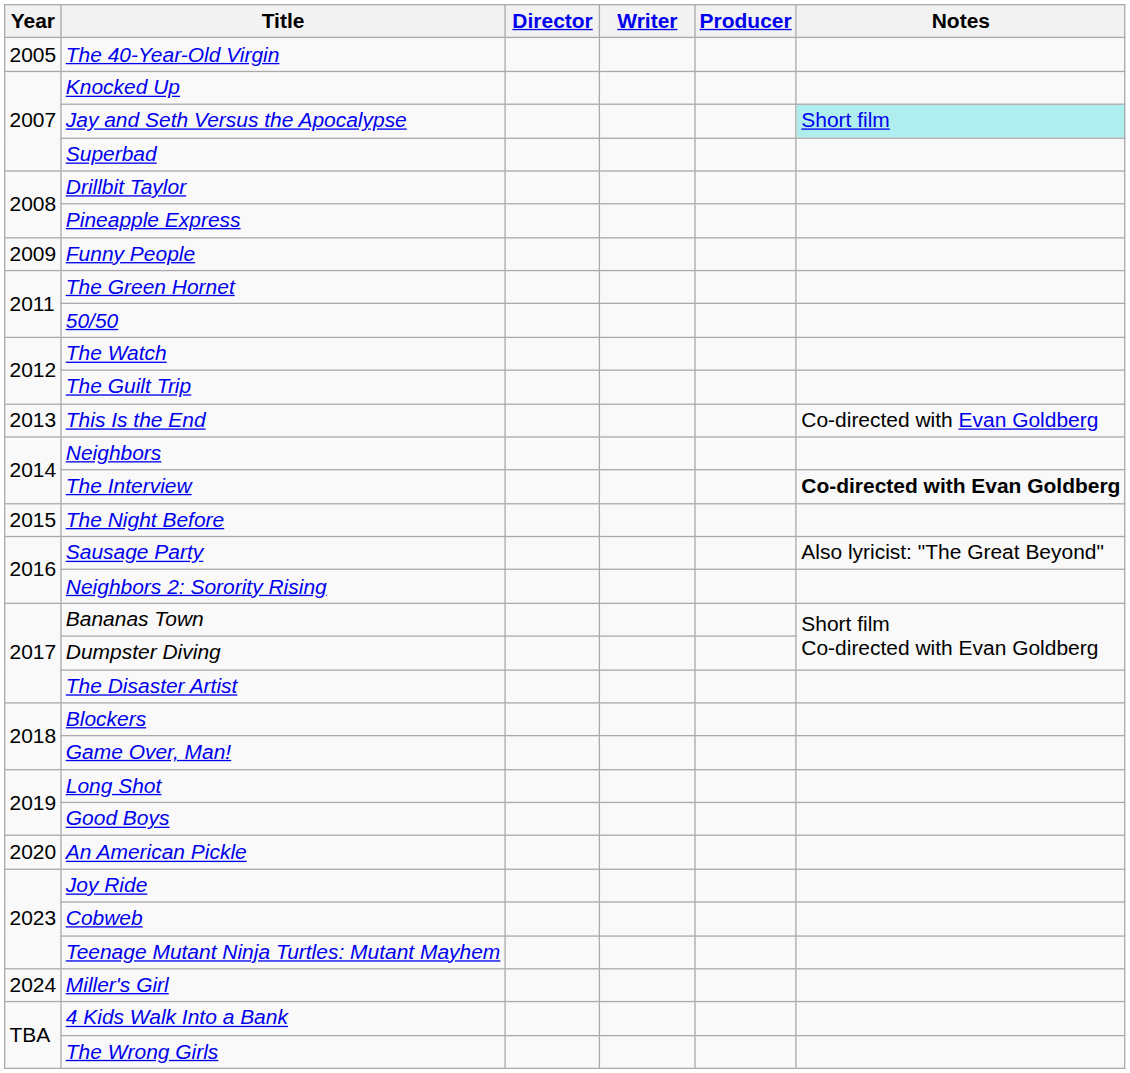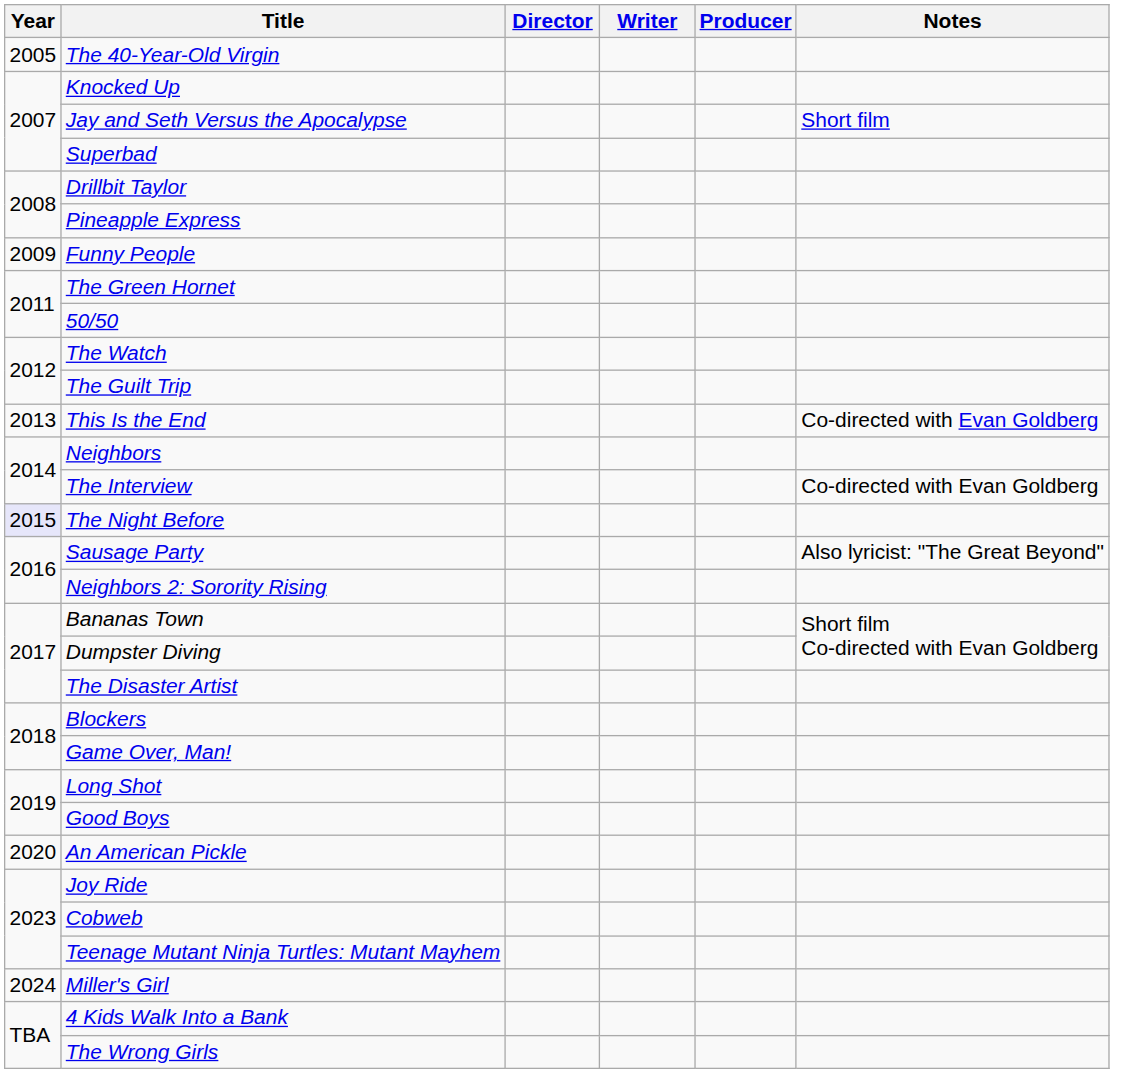 <table class="wikitable sortable">
 <tr>
 <th>Year</th>
 <th>Title</th>
 <th width="65"><a href='#'>Director</a></th>
 <th width="65"><a href='#'>Writer</a></th>
 <th width="65"><a href='#'>Producer</a></th>
 <th>Notes</th>
 </tr>
 <tr>
 <td>2005</td>
 <td data-sort-value="40-Year-Old Virgin, The"><em><a href='#'>The 40-Year-Old Virgin</a></em></td>
 <td></td>
 <td></td>
 <td></td>
 <td></td>
 </tr>
 <tr>
 <td rowspan=3>2007</td>
 <td><em><a href='#'>Knocked Up</a></em></td>
 <td></td>
 <td></td>
 <td></td>
 <td></td>
 </tr>
 <tr>
 <td><em><a href='#'>Jay and Seth Versus the Apocalypse</a></em></td>
 <td></td>
 <td></td>
 <td></td>
-<td style="background: paleturquoise;"><a href='#'>Short film</a></td>
+<td><a href='#'>Short film</a></td>
 </tr>
 <tr>
 <td><em><a href='#'>Superbad</a></em></td>
 <td></td>
 <td></td>
 <td></td>
 <td></td>
 </tr>
 <tr>
 <td rowspan=2>2008</td>
 <td><em><a href='#'>Drillbit Taylor</a></em></td>
 <td></td>
 <td></td>
 <td></td>
 <td></td>
 </tr>
 <tr>
 <td><em><a href='#'>Pineapple Express</a></em></td>
 <td></td>
 <td></td>
 <td></td>
 <td></td>
 </tr>
 <tr>
 <td>2009</td>
 <td><em><a href='#'>Funny People</a></em></td>
 <td></td>
 <td></td>
 <td></td>
 <td></td>
 </tr>
 <tr>
 <td rowspan=2>2011</td>
 <td data-sort-value="Green Hornet, The"><em><a href='#'>The Green Hornet</a></em></td>
 <td></td>
 <td></td>
 <td></td>
 <td></td>
 </tr>
 <tr>
 <td><em><a href='#'>50/50</a></em></td>
 <td></td>
 <td></td>
 <td></td>
 <td></td>
 </tr>
 <tr>
 <td rowspan=2>2012</td>
 <td data-sort-value="Watch, The"><em><a href='#'>The Watch</a></em></td>
 <td></td>
 <td></td>
 <td></td>
 <td></td>
 </tr>
 <tr>
 <td data-sort-value="Guilt Trip, The"><em><a href='#'>The Guilt Trip</a></em></td>
 <td></td>
 <td></td>
 <td></td>
 <td></td>
 </tr>
 <tr>
 <td>2013</td>
 <td><em><a href='#'>This Is the End</a></em></td>
 <td></td>
 <td></td>
 <td></td>
 <td>Co-directed with <a href='#'>Evan Goldberg</a></td>
 </tr>
 <tr>
 <td rowspan=2>2014</td>
 <td><em><a href='#'>Neighbors</a></em></td>
 <td></td>
 <td></td>
 <td></td>
 <td></td>
 </tr>
 <tr>
 <td data-sort-value="Interview, The"><em><a href='#'>The Interview</a></em></td>
 <td></td>
 <td></td>
 <td></td>
-<td><strong>Co-directed with Evan Goldberg</strong></td>
+<td>Co-directed with Evan Goldberg</td>
 </tr>
 <tr>
-<td>2015</td>
+<td style="background: lavender;">2015</td>
 <td data-sort-value="Night Before, The"><em><a href='#'>The Night Before</a></em></td>
 <td></td>
 <td></td>
 <td></td>
 <td></td>
 </tr>
 <tr>
 <td rowspan=2>2016</td>
 <td><em><a href='#'>Sausage Party</a></em></td>
 <td></td>
 <td></td>
 <td></td>
 <td>Also lyricist: "The Great Beyond"</td>
 </tr>
 <tr>
 <td><em><a href='#'>Neighbors 2: Sorority Rising</a></em></td>
 <td></td>
 <td></td>
 <td></td>
 <td></td>
 </tr>
 <tr>
 <td rowspan=3>2017</td>
 <td><em>Bananas Town</em></td>
 <td></td>
 <td></td>
 <td></td>
 <td rowspan=2>Short film<br>Co-directed with Evan Goldberg</td>
 </tr>
 <tr>
 <td><em>Dumpster Diving</em></td>
 <td></td>
 <td></td>
 <td></td>
 </tr>
 <tr>
 <td data-sort-value="Disaster Artist, The"><em><a href='#'>The Disaster Artist</a></em></td>
 <td></td>
 <td></td>
 <td></td>
 <td></td>
 </tr>
 <tr>
 <td rowspan=2>2018</td>
 <td><em><a href='#'>Blockers</a></em></td>
 <td></td>
 <td></td>
 <td></td>
 <td></td>
 </tr>
 <tr>
 <td><em><a href='#'>Game Over, Man!</a></em></td>
 <td></td>
 <td></td>
 <td></td>
 <td></td>
 </tr>
 <tr>
 <td rowspan=2>2019</td>
 <td><em><a href='#'>Long Shot</a></em></td>
 <td></td>
 <td></td>
 <td></td>
 <td></td>
 </tr>
 <tr>
 <td><em><a href='#'>Good Boys</a></em></td>
 <td></td>
 <td></td>
 <td></td>
 <td></td>
 </tr>
 <tr>
 <td>2020</td>
 <td><em><a href='#'>An American Pickle</a></em></td>
 <td></td>
 <td></td>
 <td></td>
 <td></td>
 </tr>
 <tr>
 <td rowspan=3>2023</td>
 <td><em><a href='#'>Joy Ride</a></em></td>
 <td></td>
 <td></td>
 <td></td>
 <td></td>
 </tr>
 <tr>
 <td><em><a href='#'>Cobweb</a></em></td>
 <td></td>
 <td></td>
 <td></td>
 <td></td>
 </tr>
 <tr>
 <td><em><a href='#'>Teenage Mutant Ninja Turtles: Mutant Mayhem</a></em></td>
 <td></td>
 <td></td>
 <td></td>
 <td></td>
 </tr>
 <tr>
 <td>2024</td>
 <td><em><a href='#'>Miller's Girl</a></em></td>
 <td></td>
 <td></td>
 <td></td>
 <td></td>
 </tr>
 <tr>
 <td rowspan=2>TBA</td>
 <td><em><a href='#'>4 Kids Walk Into a Bank</a></em></td>
 <td></td>
 <td></td>
 <td></td>
 <td></td>
 </tr>
 <tr>
 <td><em><a href='#'>The Wrong Girls</a></em></td>
 <td></td>
 <td></td>
 <td></td>
 <td></td>
 </tr>
 </table>
